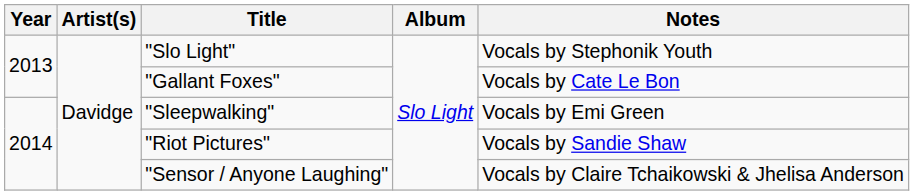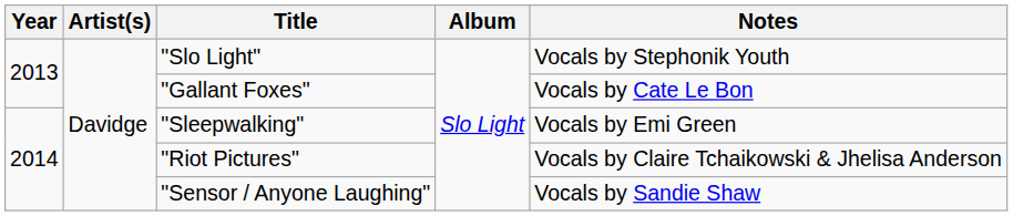 <table class="wikitable sortable">
 <tr>
 <th>Year</th>
 <th>Artist(s)</th>
 <th>Title</th>
 <th>Album</th>
 <th>Notes</th>
 </tr>
 <tr>
 <td rowspan="2">2013</td>
 <td rowspan="5">Davidge</td>
 <td>"Slo Light"</td>
 <td rowspan="5"><em><a href='#'>Slo Light</a></em></td>
 <td>Vocals by Stephonik Youth</td>
 </tr>
 <tr>
 <td>"Gallant Foxes"</td>
 <td>Vocals by <a href='#'>Cate Le Bon</a></td>
 </tr>
 <tr>
 <td rowspan="3">2014</td>
 <td>"Sleepwalking"</td>
 <td>Vocals by Emi Green</td>
 </tr>
 <tr>
 <td>"Riot Pictures"</td>
-<td>Vocals by <a href='#'>Sandie Shaw</a></td>
+<td>Vocals by Claire Tchaikowski & Jhelisa Anderson</td>
 </tr>
 <tr>
 <td>"Sensor / Anyone Laughing"</td>
-<td>Vocals by Claire Tchaikowski & Jhelisa Anderson</td>
+<td>Vocals by <a href='#'>Sandie Shaw</a></td>
 </tr>
 </table>
